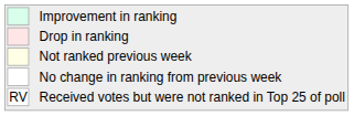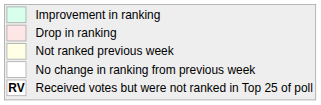 <table style="font-size:90%; border:1px solid #aaa; white-space:nowrap; background:#eee;">
 <tr>
 <td style="background:#d8ffeb; width:20px; border:1px solid #aaa;"> </td>
 <td rowspan=6> </td>
 <td>Improvement in ranking</td>
 </tr>
 <tr>
 <td style="background:#ffe6e6; width:20px; border:1px solid #aaa;"> </td>
 <td>Drop in ranking</td>
 </tr>
 <tr>
 <td style="background:#ffffe6; width:20px; border:1px solid #aaa;"> </td>
 <td>Not ranked previous week</td>
 </tr>
 <tr>
 <td style="background:#fff; width:20px; border:1px solid #aaa;"> </td>
 <td>No change in ranking from previous week</td>
 </tr>
 <tr>
-<td style="text-align:center; width:20px; border:1px solid #aaa; background:white;">RV</td>
+<td style="text-align:center; width:20px; border:1px solid #aaa; background:white;"><strong>RV</strong></td>
 <td>Received votes but were not ranked in Top 25 of poll</td>
 </tr>
 <tr>
 </tr>
 </table>
